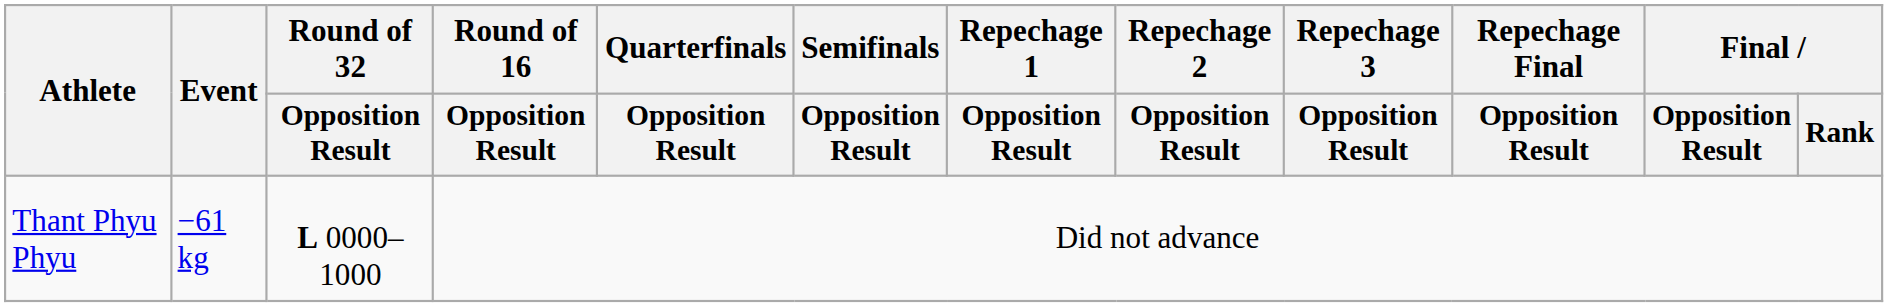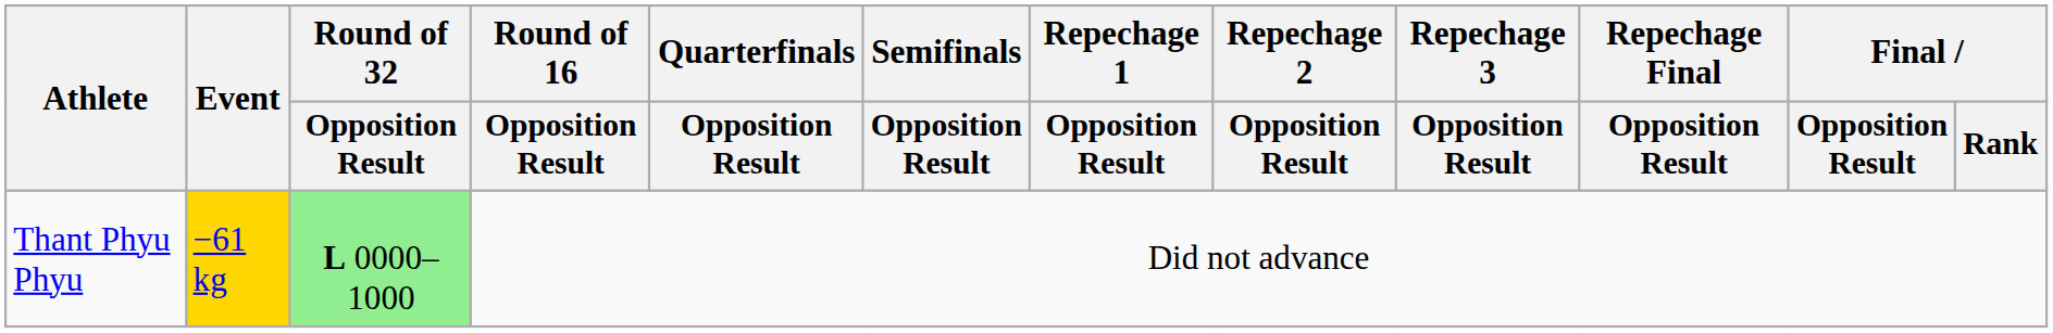 <table class="wikitable" style="font-size:90%">
 <tr>
 <th rowspan="2">Athlete</th>
 <th rowspan="2">Event</th>
 <th>Round of 32</th>
 <th>Round of 16</th>
 <th>Quarterfinals</th>
 <th>Semifinals</th>
 <th>Repechage 1</th>
 <th>Repechage 2</th>
 <th>Repechage 3</th>
 <th>Repechage Final</th>
 <th colspan=2>Final / </th>
 </tr>
 <tr style="font-size:95%">
 <th>Opposition<br>Result</th>
 <th>Opposition<br>Result</th>
 <th>Opposition<br>Result</th>
 <th>Opposition<br>Result</th>
 <th>Opposition<br>Result</th>
 <th>Opposition<br>Result</th>
 <th>Opposition<br>Result</th>
 <th>Opposition<br>Result</th>
 <th>Opposition<br>Result</th>
 <th>Rank</th>
 </tr>
 <tr align=center>
 <td align=left><a href='#'>Thant Phyu Phyu</a></td>
-<td align=left><a href='#'>−61 kg</a></td>
-<td><br><strong>L</strong> 0000–1000</td>
+<td align=left style="background: gold;"><a href='#'>−61 kg</a></td>
+<td style="background: lightgreen;"><br><strong>L</strong> 0000–1000</td>
 <td colspan= 9>Did not advance</td>
 </tr>
 </table>
